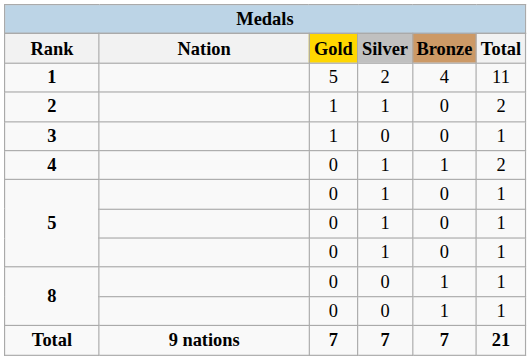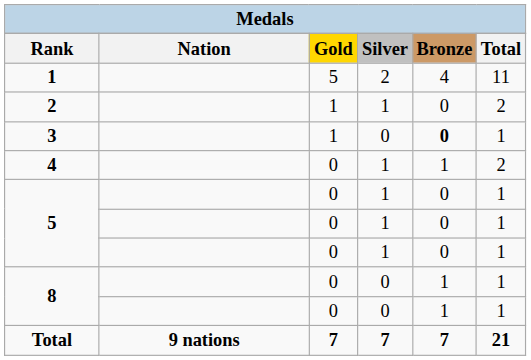 <table class=wikitable style=text-align:center>
 <tr>
 <td colspan=6 style="background:#BCD4E6"><strong>Medals</strong></td>
 </tr>
 <tr>
 </tr>
 <tr style="background-color:#EDEDED;">
 <th width=75px class="hintergrundfarbe5">Rank</th>
 <th width=175px class="hintergrundfarbe6">Nation</th>
 <th width=35px style="background:gold">Gold</th>
 <th width=35px style="background:silver">Silver</th>
 <th width=35px style="background:#CC9966">Bronze</th>
 <th width=35px>Total</th>
 </tr>
 <tr>
 <td><strong>1</strong></td>
 <td style="text-align:left"></td>
 <td>5</td>
 <td>2</td>
 <td>4</td>
 <td>11</td>
 </tr>
 <tr>
 <td><strong>2</strong></td>
 <td style="text-align:left"></td>
 <td>1</td>
 <td>1</td>
 <td>0</td>
 <td>2</td>
 </tr>
 <tr>
 <td><strong>3</strong></td>
 <td style="text-align:left"></td>
 <td>1</td>
 <td>0</td>
-<td>0</td>
+<td><strong>0</strong></td>
 <td>1</td>
 </tr>
 <tr>
 <td><strong>4</strong></td>
 <td style="text-align:left"></td>
 <td>0</td>
 <td>1</td>
 <td>1</td>
 <td>2</td>
 </tr>
 <tr>
 <td rowspan="3"><strong>5</strong></td>
 <td style="text-align:left"></td>
 <td>0</td>
 <td>1</td>
 <td>0</td>
 <td>1</td>
 </tr>
 <tr>
 <td style="text-align:left"></td>
 <td>0</td>
 <td>1</td>
 <td>0</td>
 <td>1</td>
 </tr>
 <tr>
 <td style="text-align:left"></td>
 <td>0</td>
 <td>1</td>
 <td>0</td>
 <td>1</td>
 </tr>
 <tr>
 <td rowspan="2"><strong>8</strong></td>
 <td style="text-align:left"></td>
 <td>0</td>
 <td>0</td>
 <td>1</td>
 <td>1</td>
 </tr>
 <tr>
 <td style="text-align:left"></td>
 <td>0</td>
 <td>0</td>
 <td>1</td>
 <td>1</td>
 </tr>
 <tr>
 <td><strong>Total</strong></td>
 <td><strong>9 nations</strong></td>
 <td><strong>7</strong></td>
 <td><strong>7</strong></td>
 <td><strong>7</strong></td>
 <td><strong>21</strong></td>
 </tr>
 </table>
